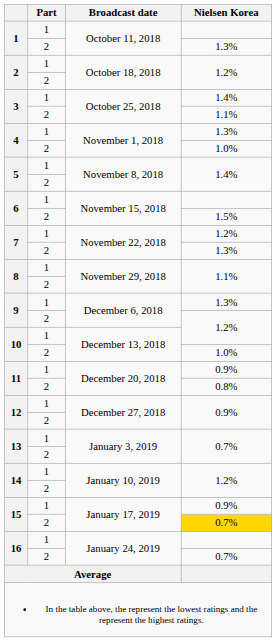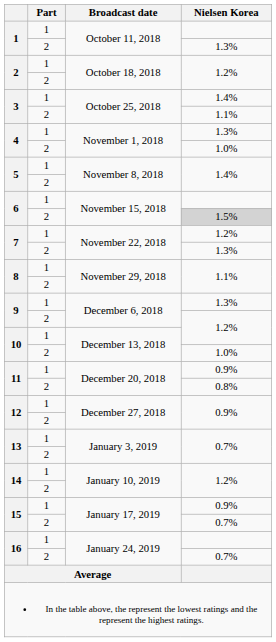 <table class="wikitable" style="text-align:center; width:400px">
 <tr>
 <th></th>
 <th>Part</th>
 <th>Broadcast date</th>
 <th scope="col" style="width:8em">Nielsen Korea</th>
 </tr>
 <tr>
 <th rowspan="2">1</th>
 <td>1</td>
 <td rowspan="2">October 11, 2018</td>
 <td></td>
 </tr>
 <tr>
 <td>2</td>
 <td>1.3%</td>
 </tr>
 <tr>
 <th rowspan="2">2</th>
 <td>1</td>
 <td rowspan="2">October 18, 2018</td>
 <td rowspan="2">1.2%</td>
 </tr>
 <tr>
 <td>2</td>
 </tr>
 <tr>
 <th rowspan="2">3</th>
 <td>1</td>
 <td rowspan="2">October 25, 2018</td>
 <td>1.4%</td>
 </tr>
 <tr>
 <td>2</td>
 <td>1.1%</td>
 </tr>
 <tr>
 <th rowspan="2">4</th>
 <td>1</td>
 <td rowspan="2">November 1, 2018</td>
 <td>1.3%</td>
 </tr>
 <tr>
 <td>2</td>
 <td>1.0%</td>
 </tr>
 <tr>
 <th rowspan="2">5</th>
 <td>1</td>
 <td rowspan="2">November 8, 2018</td>
 <td rowspan="2">1.4%</td>
 </tr>
 <tr>
 <td>2</td>
 </tr>
 <tr>
 <th rowspan="2">6</th>
 <td>1</td>
 <td rowspan="2">November 15, 2018</td>
 <td></td>
 </tr>
 <tr>
 <td>2</td>
-<td>1.5%</td>
+<td style="background: lightgrey;">1.5%</td>
 </tr>
 <tr>
 <th rowspan="2">7</th>
 <td>1</td>
 <td rowspan="2">November 22, 2018</td>
 <td>1.2%</td>
 </tr>
 <tr>
 <td>2</td>
 <td>1.3%</td>
 </tr>
 <tr>
 <th rowspan="2">8</th>
 <td>1</td>
 <td rowspan="2">November 29, 2018</td>
 <td rowspan="2">1.1%</td>
 </tr>
 <tr>
 <td>2</td>
 </tr>
 <tr>
 <th rowspan="2">9</th>
 <td>1</td>
 <td rowspan="2">December 6, 2018</td>
 <td>1.3%</td>
 </tr>
 <tr>
 <td>2</td>
 <td rowspan="2">1.2%</td>
 </tr>
 <tr>
 <th rowspan="2">10</th>
 <td>1</td>
 <td rowspan="2">December 13, 2018</td>
 </tr>
 <tr>
 <td>2</td>
 <td>1.0%</td>
 </tr>
 <tr>
 <th rowspan="2">11</th>
 <td>1</td>
 <td rowspan="2">December 20, 2018</td>
 <td>0.9%</td>
 </tr>
 <tr>
 <td>2</td>
 <td>0.8%</td>
 </tr>
 <tr>
 <th rowspan="2">12</th>
 <td>1</td>
 <td rowspan="2">December 27, 2018</td>
 <td rowspan="2">0.9%</td>
 </tr>
 <tr>
 <td>2</td>
 </tr>
 <tr>
 <th rowspan="2">13</th>
 <td>1</td>
 <td rowspan="2">January 3, 2019</td>
 <td rowspan="2">0.7%</td>
 </tr>
 <tr>
 <td>2</td>
 </tr>
 <tr>
 <th rowspan="2">14</th>
 <td>1</td>
 <td rowspan="2">January 10, 2019</td>
 <td rowspan="2">1.2%</td>
 </tr>
 <tr>
 <td>2</td>
 </tr>
 <tr>
 <th rowspan="2">15</th>
 <td>1</td>
 <td rowspan="2">January 17, 2019</td>
 <td>0.9%</td>
 </tr>
 <tr>
 <td>2</td>
-<td style="background: gold;">0.7%</td>
+<td>0.7%</td>
 </tr>
 <tr>
 <th rowspan="2">16</th>
 <td>1</td>
 <td rowspan="2">January 24, 2019</td>
 <td></td>
 </tr>
 <tr>
 <td>2</td>
 <td>0.7%</td>
 </tr>
 <tr>
 <th colspan="3">Average</th>
 <th></th>
 </tr>
 <tr>
 <td colspan="4" style="font-size:85%"><br><ul><li>In the table above, the <strong></strong> represent the lowest ratings and the <strong></strong> represent the highest ratings.</li></ul></td>
 </tr>
 </table>
